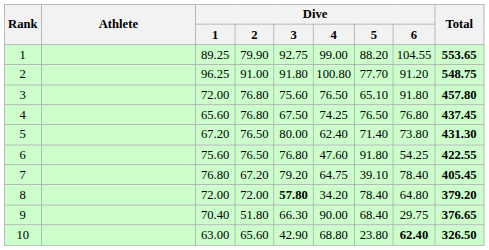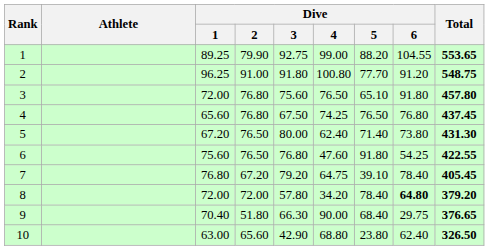 <table class=wikitable style="text-align:center">
 <tr>
 <th rowspan="2" width=40>Rank</th>
 <th rowspan="2" width=250>Athlete</th>
 <th colspan="6">Dive</th>
 <th rowspan="2" width=60>Total</th>
 </tr>
 <tr>
 <th width=45>1</th>
 <th width=45>2</th>
 <th width=45>3</th>
 <th width=45>4</th>
 <th width=45>5</th>
 <th width=45>6</th>
 </tr>
 <tr bgcolor="ccffcc">
 <td>1</td>
 <td align=left></td>
 <td>89.25</td>
 <td>79.90</td>
 <td>92.75</td>
 <td>99.00</td>
 <td>88.20</td>
 <td>104.55</td>
 <td><strong>553.65</strong></td>
 </tr>
 <tr bgcolor="ccffcc">
 <td>2</td>
 <td align=left></td>
 <td>96.25</td>
 <td>91.00</td>
 <td>91.80</td>
 <td>100.80</td>
 <td>77.70</td>
 <td>91.20</td>
 <td><strong>548.75</strong></td>
 </tr>
 <tr bgcolor="ccffcc">
 <td>3</td>
 <td align=left></td>
 <td>72.00</td>
 <td>76.80</td>
 <td>75.60</td>
 <td>76.50</td>
 <td>65.10</td>
 <td>91.80</td>
 <td><strong>457.80</strong></td>
 </tr>
 <tr bgcolor="ccffcc">
 <td>4</td>
 <td align=left></td>
 <td>65.60</td>
 <td>76.80</td>
 <td>67.50</td>
 <td>74.25</td>
 <td>76.50</td>
 <td>76.80</td>
 <td><strong>437.45</strong></td>
 </tr>
 <tr bgcolor="ccffcc">
 <td>5</td>
 <td align=left></td>
 <td>67.20</td>
 <td>76.50</td>
 <td>80.00</td>
 <td>62.40</td>
 <td>71.40</td>
 <td>73.80</td>
 <td><strong>431.30</strong></td>
 </tr>
 <tr bgcolor="ccffcc">
 <td>6</td>
 <td align=left></td>
 <td>75.60</td>
 <td>76.50</td>
 <td>76.80</td>
 <td>47.60</td>
 <td>91.80</td>
 <td>54.25</td>
 <td><strong>422.55</strong></td>
 </tr>
 <tr bgcolor="ccffcc">
 <td>7</td>
 <td align=left></td>
 <td>76.80</td>
 <td>67.20</td>
 <td>79.20</td>
 <td>64.75</td>
 <td>39.10</td>
 <td>78.40</td>
 <td><strong>405.45</strong></td>
 </tr>
 <tr bgcolor="ccffcc">
 <td>8</td>
 <td align=left></td>
 <td>72.00</td>
 <td>72.00</td>
-<td><strong>57.80</strong></td>
+<td>57.80</td>
 <td>34.20</td>
 <td>78.40</td>
-<td>64.80</td>
+<td><strong>64.80</strong></td>
 <td><strong>379.20</strong></td>
 </tr>
 <tr bgcolor="ccffcc">
 <td>9</td>
 <td align=left></td>
 <td>70.40</td>
 <td>51.80</td>
 <td>66.30</td>
 <td>90.00</td>
 <td>68.40</td>
 <td>29.75</td>
 <td><strong>376.65</strong></td>
 </tr>
 <tr bgcolor="ccffcc">
 <td>10</td>
 <td align=left></td>
 <td>63.00</td>
 <td>65.60</td>
 <td>42.90</td>
 <td>68.80</td>
 <td>23.80</td>
-<td><strong>62.40</strong></td>
+<td>62.40</td>
 <td><strong>326.50</strong></td>
 </tr>
 </table>
